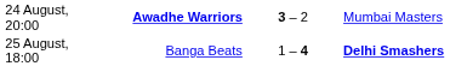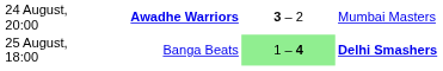 <table style="font-size:90%">
 <tr>
 <td width=100>24 August, 20:00</td>
 <td width=150 align=right><strong><a href='#'>Awadhe Warriors</a></strong></td>
 <td width=100 align=center><strong>3</strong> – 2</td>
 <td width=150><a href='#'>Mumbai Masters</a></td>
 </tr>
 <tr>
 <td width=100>25 August, 18:00</td>
 <td width=150 align=right><a href='#'>Banga Beats</a> </td>
-<td align="center" width="100">1 – <strong>4</strong></td>
+<td align="center" width="100" style="background: lightgreen;">1 – <strong>4</strong></td>
 <td width="150"><strong><a href='#'>Delhi Smashers</a></strong></td>
 </tr>
 </table>
